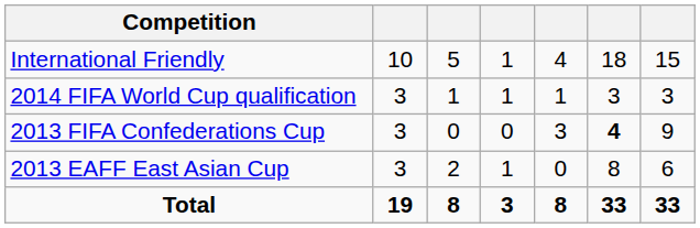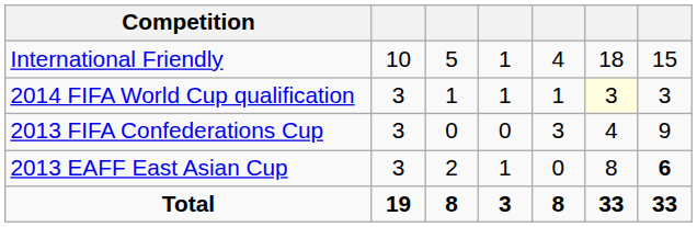 <table class="wikitable" style="text-align: center;">
 <tr>
 <th width=250>Competition</th>
 <th width=30></th>
 <th width=30></th>
 <th width=30></th>
 <th width=30></th>
 <th width=30></th>
 <th width=30></th>
 </tr>
 <tr>
 <td align="left"><a href='#'>International Friendly</a></td>
 <td>10</td>
 <td>5</td>
 <td>1</td>
 <td>4</td>
 <td>18</td>
 <td>15</td>
 </tr>
 <tr>
 <td align="left"><a href='#'>2014 FIFA World Cup qualification</a></td>
 <td>3</td>
 <td>1</td>
 <td>1</td>
 <td>1</td>
-<td>3</td>
+<td style="background: lightyellow;">3</td>
 <td>3</td>
 </tr>
 <tr>
 <td align="left"><a href='#'>2013 FIFA Confederations Cup</a></td>
 <td>3</td>
 <td>0</td>
 <td>0</td>
 <td>3</td>
-<td><strong>4</strong></td>
+<td>4</td>
 <td>9</td>
 </tr>
 <tr>
 <td align="left"><a href='#'>2013 EAFF East Asian Cup</a></td>
 <td>3</td>
 <td>2</td>
 <td>1</td>
 <td>0</td>
 <td>8</td>
-<td>6</td>
+<td><strong>6</strong></td>
 </tr>
 <tr>
 <td><strong>Total</strong></td>
 <td><strong>19</strong></td>
 <td><strong>8</strong></td>
 <td><strong>3</strong></td>
 <td><strong>8</strong></td>
 <td><strong>33</strong></td>
 <td><strong>33</strong></td>
 </tr>
 </table>
